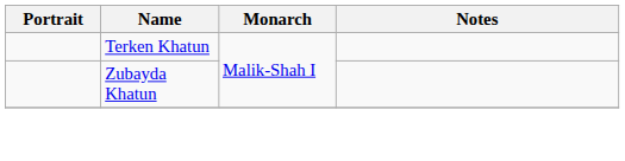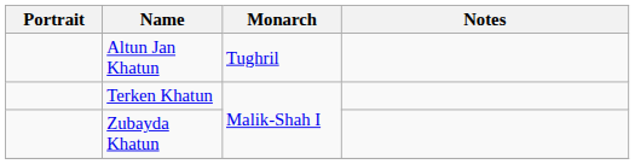 <table class="wikitable">
 <tr>
 <th width="80pt">Portrait</th>
 <th width="100pt">Name</th>
 <th width="100pt">Monarch</th>
 <th width="250pt">Notes</th>
+</tr>
+<tr>
+<td></td>
+<td><a href='#'>Altun Jan Khatun</a></td>
+<td><a href='#'>Tughril</a></td>
+<td></td>
 </tr>
 <tr>
 <td></td>
 <td><a href='#'>Terken Khatun</a></td>
 <td rowspan="2"><a href='#'>Malik-Shah I</a></td>
 <td></td>
 </tr>
 <tr>
 <td></td>
 <td><a href='#'>Zubayda Khatun</a></td>
 <td></td>
 </tr>
 <tr>
 </tr>
 </table>
